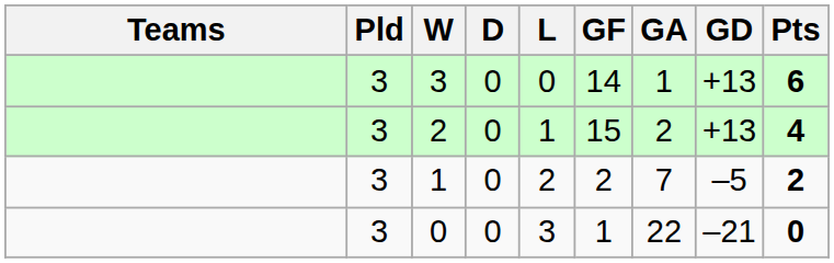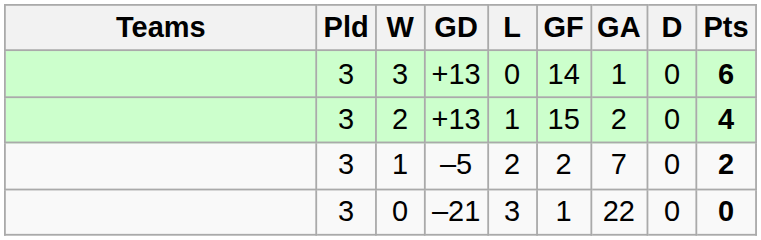 <table class="wikitable" style="text-align: center;">
 <tr>
 <th width=165>Teams</th>
 <th width=20>Pld</th>
 <th width=20>W</th>
-<th width=20>D</th>
+<th width=20>GD</th>
 <th width=20>L</th>
 <th width=20>GF</th>
 <th width=20>GA</th>
-<th width=20>GD</th>
+<th width=20>D</th>
 <th width=20>Pts</th>
 </tr>
 <tr align=center style="background:#ccffcc;">
 <td style="text-align:left;"></td>
 <td>3</td>
 <td>3</td>
-<td>0</td>
+<td>+13</td>
 <td>0</td>
 <td>14</td>
 <td>1</td>
-<td>+13</td>
+<td>0</td>
 <td><strong>6</strong></td>
 </tr>
 <tr align=center style="background:#ccffcc;">
 <td style="text-align:left;"></td>
 <td>3</td>
 <td>2</td>
-<td>0</td>
+<td>+13</td>
 <td>1</td>
 <td>15</td>
 <td>2</td>
-<td>+13</td>
+<td>0</td>
 <td><strong>4</strong></td>
 </tr>
 <tr align=center>
 <td style="text-align:left;"></td>
 <td>3</td>
 <td>1</td>
-<td>0</td>
+<td>–5</td>
 <td>2</td>
 <td>2</td>
 <td>7</td>
-<td>–5</td>
+<td>0</td>
 <td><strong>2</strong></td>
 </tr>
 <tr align=center>
 <td style="text-align:left;"></td>
 <td>3</td>
 <td>0</td>
-<td>0</td>
+<td>–21</td>
 <td>3</td>
 <td>1</td>
 <td>22</td>
-<td>–21</td>
+<td>0</td>
 <td><strong>0</strong></td>
 </tr>
 </table>
